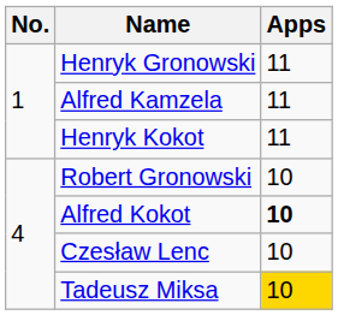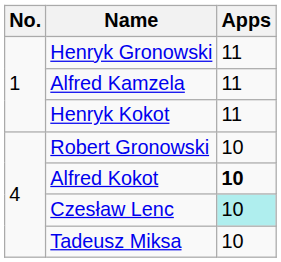 <table class="wikitable" style="display: inline-table;">
 <tr>
 <th>No.</th>
 <th>Name</th>
 <th>Apps</th>
 </tr>
 <tr>
 <td rowspan=3>1</td>
 <td><a href='#'>Henryk Gronowski</a></td>
 <td>11</td>
 </tr>
 <tr>
 <td><a href='#'>Alfred Kamzela</a></td>
 <td>11</td>
 </tr>
 <tr>
 <td><a href='#'>Henryk Kokot</a></td>
 <td>11</td>
 </tr>
 <tr>
 <td rowspan=4>4</td>
 <td><a href='#'>Robert Gronowski</a></td>
 <td>10</td>
 </tr>
 <tr>
 <td><a href='#'>Alfred Kokot</a></td>
 <td><strong>10</strong></td>
 </tr>
 <tr>
 <td><a href='#'>Czesław Lenc</a></td>
-<td>10</td>
+<td style="background: paleturquoise;">10</td>
 </tr>
 <tr>
 <td><a href='#'>Tadeusz Miksa</a></td>
-<td style="background: gold;">10</td>
+<td>10</td>
 </tr>
 </table>
